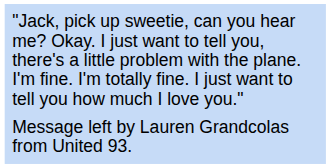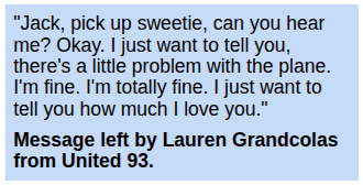 <table class="toccolours" style="float: right; margin-left: 1.5em; margin-right: 1em; font-size: 85%; background:#c6dbf7; color:black; width:30em; max-width: 40%;" cellspacing="5">
 <tr>
 <td style="text-align: left;">"Jack, pick up sweetie, can you hear me? Okay. I just want to tell you, there's a little problem with the plane. I'm fine. I'm totally fine. I just want to tell you how much I love you."</td>
 </tr>
 <tr>
-<td style="text-align: left;">Message left by Lauren Grandcolas from United 93.</td>
+<td style="text-align: left;"><strong>Message left by Lauren Grandcolas from United 93.</strong></td>
 </tr>
 </table>
